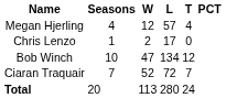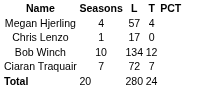 <table class="class="toccolours">
 <tr>
 <th>Name</th>
 <th>Seasons</th>
-<th>W</th>
 <th>L</th>
 <th>T</th>
 <th>PCT</th>
 </tr>
 <tr align=center>
 <td>Megan Hjerling</td>
 <td>4</td>
-<td>12</td>
 <td>57</td>
 <td>4</td>
 <td></td>
 </tr>
 <tr align=center>
 <td>Chris Lenzo</td>
 <td>1</td>
-<td>2</td>
 <td>17</td>
 <td>0</td>
 <td></td>
 </tr>
 <tr align=center>
 <td>Bob Winch</td>
 <td>10</td>
-<td>47</td>
 <td>134</td>
 <td>12</td>
 <td></td>
 </tr>
 <tr align=center>
 <td>Ciaran Traquair</td>
 <td>7</td>
-<td>52</td>
 <td>72</td>
 <td>7</td>
 <td></td>
 </tr>
 <tr>
 <td><strong>Total</strong></td>
 <td>20</td>
-<td>113</td>
 <td>280</td>
 <td>24</td>
 <td></td>
 </tr>
 </table>
